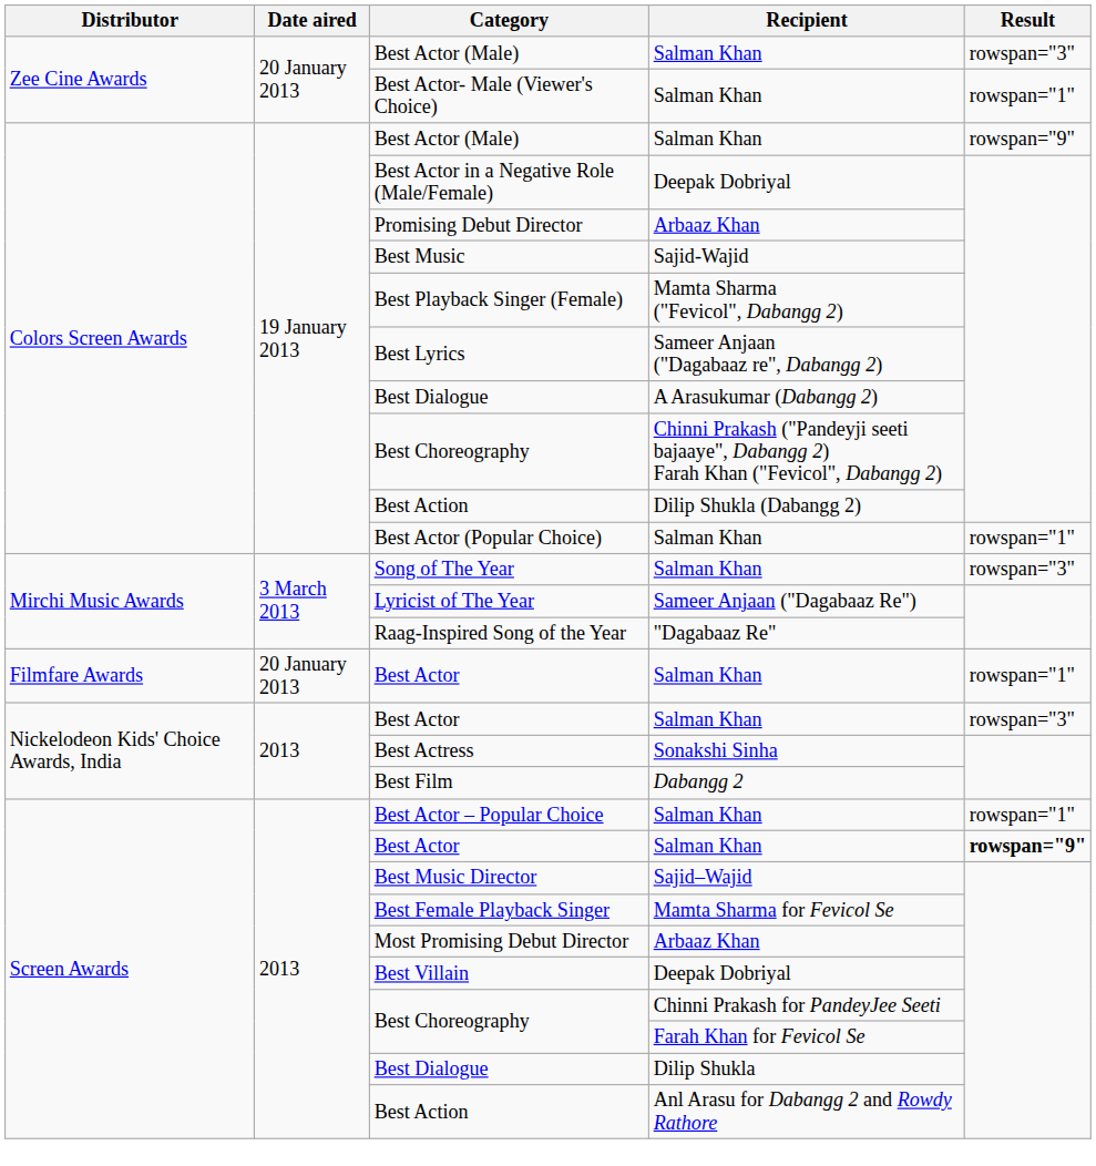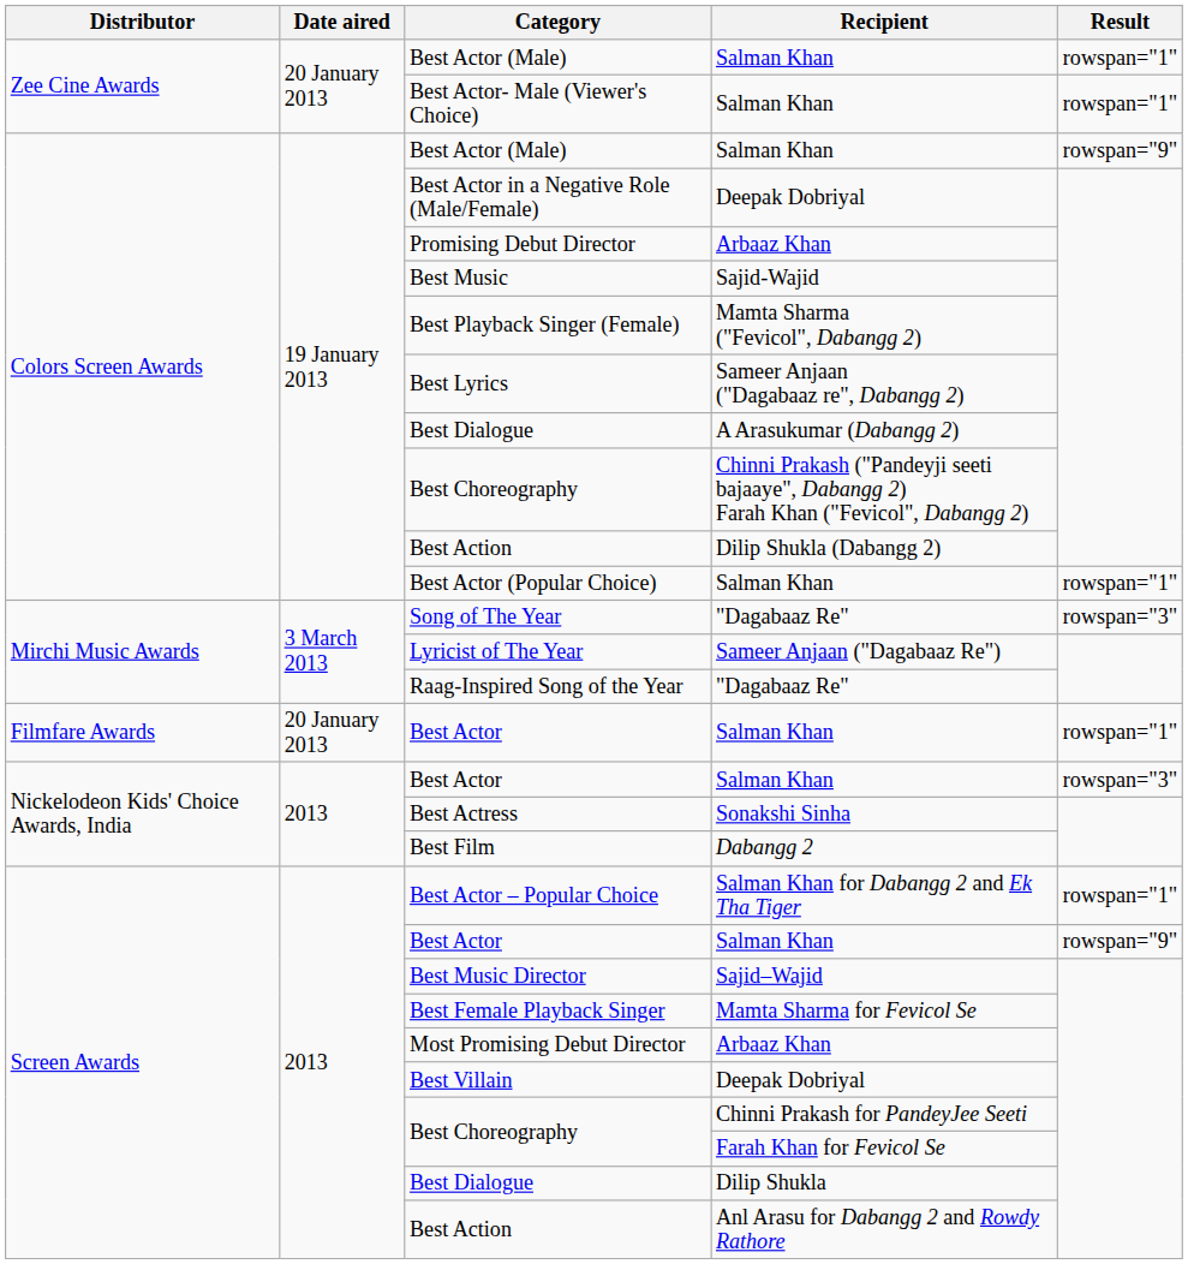 <table class="wikitable">
 <tr>
 <th>Distributor</th>
 <th>Date aired</th>
 <th>Category</th>
 <th>Recipient</th>
 <th>Result</th>
 </tr>
 <tr>
 <td rowspan="2"><a href='#'>Zee Cine Awards</a></td>
 <td rowspan="2">20 January 2013</td>
 <td Zee Cine Award for Best Actor – Male>Best Actor (Male)</td>
 <td><a href='#'>Salman Khan</a></td>
-<td>rowspan="3" </td>
+<td>rowspan="1" </td>
 </tr>
 <tr>
 <td>Best Actor- Male (Viewer's Choice)</td>
 <td>Salman Khan</td>
 <td>rowspan="1" </td>
 </tr>
 <tr>
 <td rowspan="10"><a href='#'>Colors Screen Awards</a></td>
 <td rowspan="10">19 January 2013</td>
 <td>Best Actor (Male)</td>
 <td>Salman Khan</td>
 <td>rowspan="9" </td>
 </tr>
 <tr>
 <td>Best Actor in a Negative Role (Male/Female)</td>
 <td>Deepak Dobriyal</td>
 </tr>
 <tr>
 <td>Promising Debut Director</td>
 <td><a href='#'>Arbaaz Khan</a></td>
 </tr>
 <tr>
 <td>Best Music</td>
 <td>Sajid-Wajid</td>
 </tr>
 <tr>
 <td>Best Playback Singer (Female)</td>
 <td>Mamta Sharma <br> ("Fevicol", <em>Dabangg 2</em>)</td>
 </tr>
 <tr>
 <td>Best Lyrics</td>
 <td>Sameer Anjaan<br>("Dagabaaz re", <em>Dabangg 2</em>)</td>
 </tr>
 <tr>
 <td>Best Dialogue</td>
 <td>A Arasukumar (<em>Dabangg 2</em>)</td>
 </tr>
 <tr>
 <td>Best Choreography</td>
 <td><a href='#'>Chinni Prakash</a> ("Pandeyji seeti bajaaye", <em>Dabangg 2</em>) <br> Farah Khan ("Fevicol", <em>Dabangg 2</em>)</td>
 </tr>
 <tr>
 <td>Best Action</td>
 <td>Dilip Shukla (Dabangg 2)</td>
 </tr>
 <tr>
 <td>Best Actor (Popular Choice)</td>
 <td>Salman Khan</td>
 <td>rowspan="1" </td>
 </tr>
 <tr>
 <td rowspan="3"><a href='#'>Mirchi Music Awards</a></td>
 <td rowspan="3"><a href='#'>3 March 2013</a></td>
 <td><a href='#'>Song of The Year</a></td>
-<td><a href='#'>Salman Khan</a></td>
+<td>"Dagabaaz Re"</td>
 <td>rowspan="3" </td>
 </tr>
 <tr>
 <td><a href='#'>Lyricist of The Year</a></td>
 <td><a href='#'>Sameer Anjaan</a> ("Dagabaaz Re")</td>
 </tr>
 <tr>
 <td>Raag-Inspired Song of the Year</td>
 <td>"Dagabaaz Re"</td>
 </tr>
 <tr>
 <td rowspan="1"><a href='#'>Filmfare Awards</a></td>
 <td rowspan="1">20 January 2013</td>
 <td><a href='#'>Best Actor</a></td>
 <td><a href='#'>Salman Khan</a></td>
 <td>rowspan="1" </td>
 </tr>
 <tr>
 <td rowspan="3">Nickelodeon Kids' Choice Awards, India</td>
 <td rowspan="3">2013</td>
 <td>Best Actor</td>
 <td><a href='#'>Salman Khan</a></td>
 <td>rowspan="3" </td>
 </tr>
 <tr>
 <td>Best Actress</td>
 <td><a href='#'>Sonakshi Sinha</a></td>
 </tr>
 <tr>
 <td>Best Film</td>
 <td><em>Dabangg 2</em></td>
 </tr>
 <tr>
 <td rowspan="10"><a href='#'>Screen Awards</a></td>
 <td rowspan="10">2013</td>
 <td><a href='#'>Best Actor – Popular Choice</a></td>
-<td><a href='#'>Salman Khan</a></td>
+<td><a href='#'>Salman Khan</a> for <em>Dabangg 2</em> and <em><a href='#'>Ek Tha Tiger</a></em></td>
 <td>rowspan="1" </td>
 </tr>
 <tr>
 <td><a href='#'>Best Actor</a></td>
 <td><a href='#'>Salman Khan</a></td>
-<td><strong>rowspan="9" </strong></td>
+<td>rowspan="9" </td>
 </tr>
 <tr>
 <td><a href='#'>Best Music Director</a></td>
 <td><a href='#'>Sajid–Wajid</a></td>
 </tr>
 <tr>
 <td><a href='#'>Best Female Playback Singer</a></td>
 <td><a href='#'>Mamta Sharma</a> for <em>Fevicol Se</em></td>
 </tr>
 <tr>
 <td>Most Promising Debut Director</td>
 <td><a href='#'>Arbaaz Khan</a></td>
 </tr>
 <tr>
 <td><a href='#'>Best Villain</a></td>
 <td>Deepak Dobriyal</td>
 </tr>
 <tr>
 <td rowspan="2">Best Choreography</td>
 <td>Chinni Prakash for <em>PandeyJee Seeti</em></td>
 </tr>
 <tr>
 <td><a href='#'>Farah Khan</a> for <em>Fevicol Se</em></td>
 </tr>
 <tr>
 <td><a href='#'>Best Dialogue</a></td>
 <td>Dilip Shukla</td>
 </tr>
 <tr>
 <td>Best Action</td>
 <td>Anl Arasu for <em>Dabangg 2</em> and <em><a href='#'>Rowdy Rathore</a></em></td>
 </tr>
 </table>
